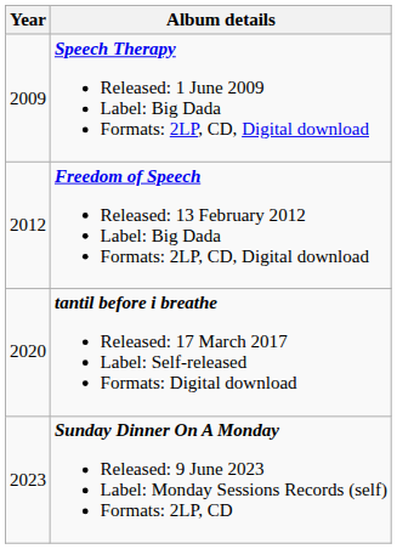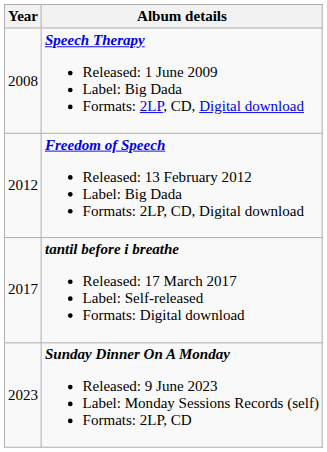 <table class="wikitable" style="text-align:center;">
 <tr>
 <th>Year</th>
 <th>Album details</th>
 </tr>
 <tr>
-<td>2009</td>
+<td>2008</td>
 <td align="left"><strong><em><a href='#'>Speech Therapy</a></em></strong><br><ul><li>Released: 1 June 2009</li><li>Label: Big Dada</li><li>Formats: <a href='#'>2LP</a>, CD, <a href='#'>Digital download</a></li></ul></td>
 </tr>
 <tr>
 <td>2012</td>
 <td align="left"><strong><em><a href='#'>Freedom of Speech</a></em></strong><br><ul><li>Released: 13 February 2012</li><li>Label: Big Dada</li><li>Formats: 2LP, CD, Digital download</li></ul></td>
 </tr>
 <tr>
-<td>2020</td>
+<td>2017</td>
 <td align="left"><strong><em>tantil before i breathe</em></strong><br><ul><li>Released: 17 March 2017</li><li>Label: Self-released</li><li>Formats: Digital download</li></ul></td>
 </tr>
 <tr>
 <td>2023</td>
 <td align="left"><strong><em>Sunday Dinner On A Monday</em></strong><br><ul><li>Released: 9 June 2023</li><li>Label: Monday Sessions Records (self)</li><li>Formats: 2LP, CD</li></ul></td>
 </tr>
 </table>
